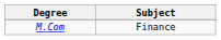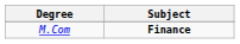 <table class="wikitable" style="text-align:center;font-size:100%;">
 <tr>
 <th width=120>Degree</th>
 <th width=160>Subject</th>
 </tr>
 <tr align="center">
 </tr>
 <tr>
 <td><em><a href='#'>M.Com</a></em></td>
-<td>Finance</td>
+<td><strong>Finance</strong></td>
 </tr>
 </table>
